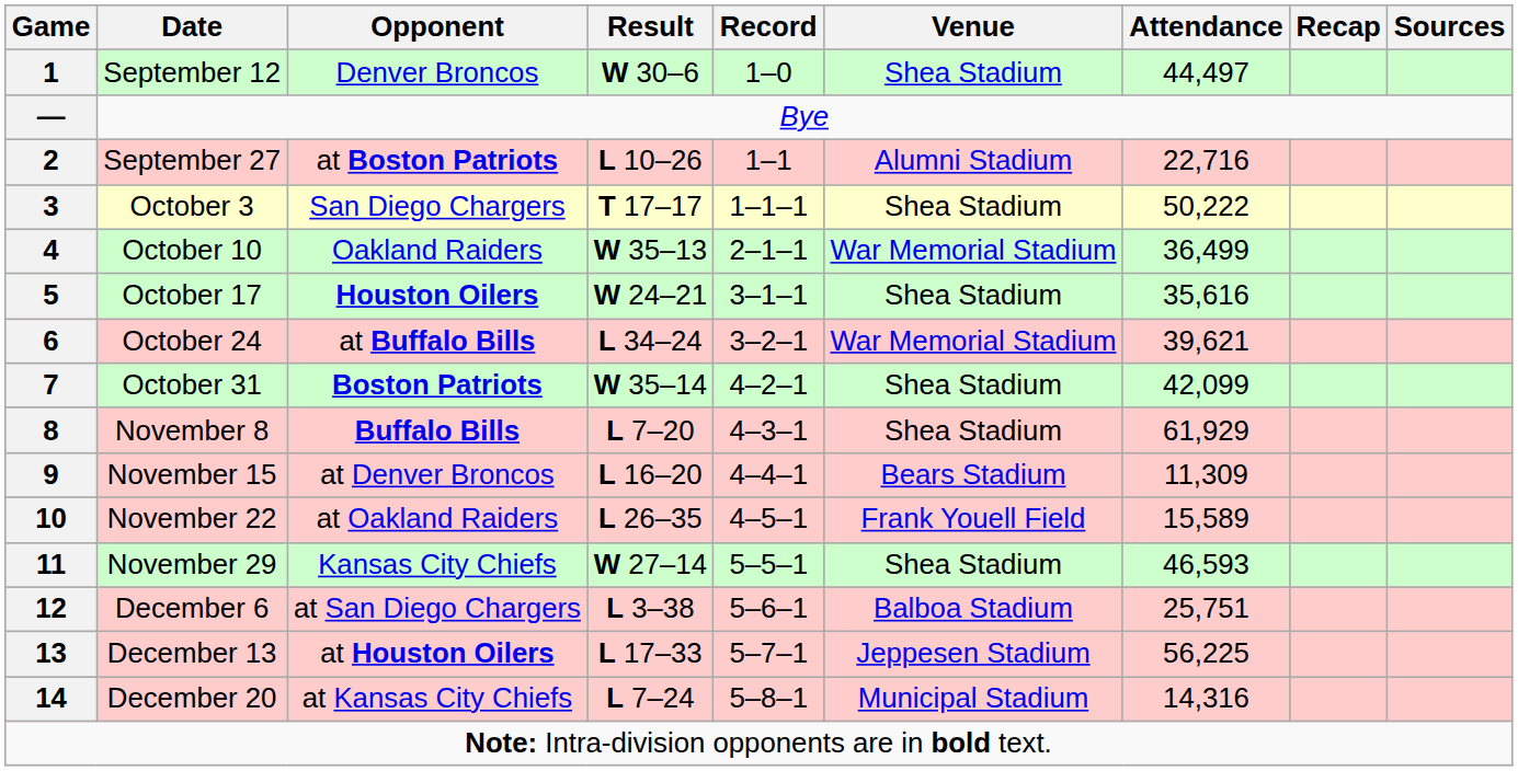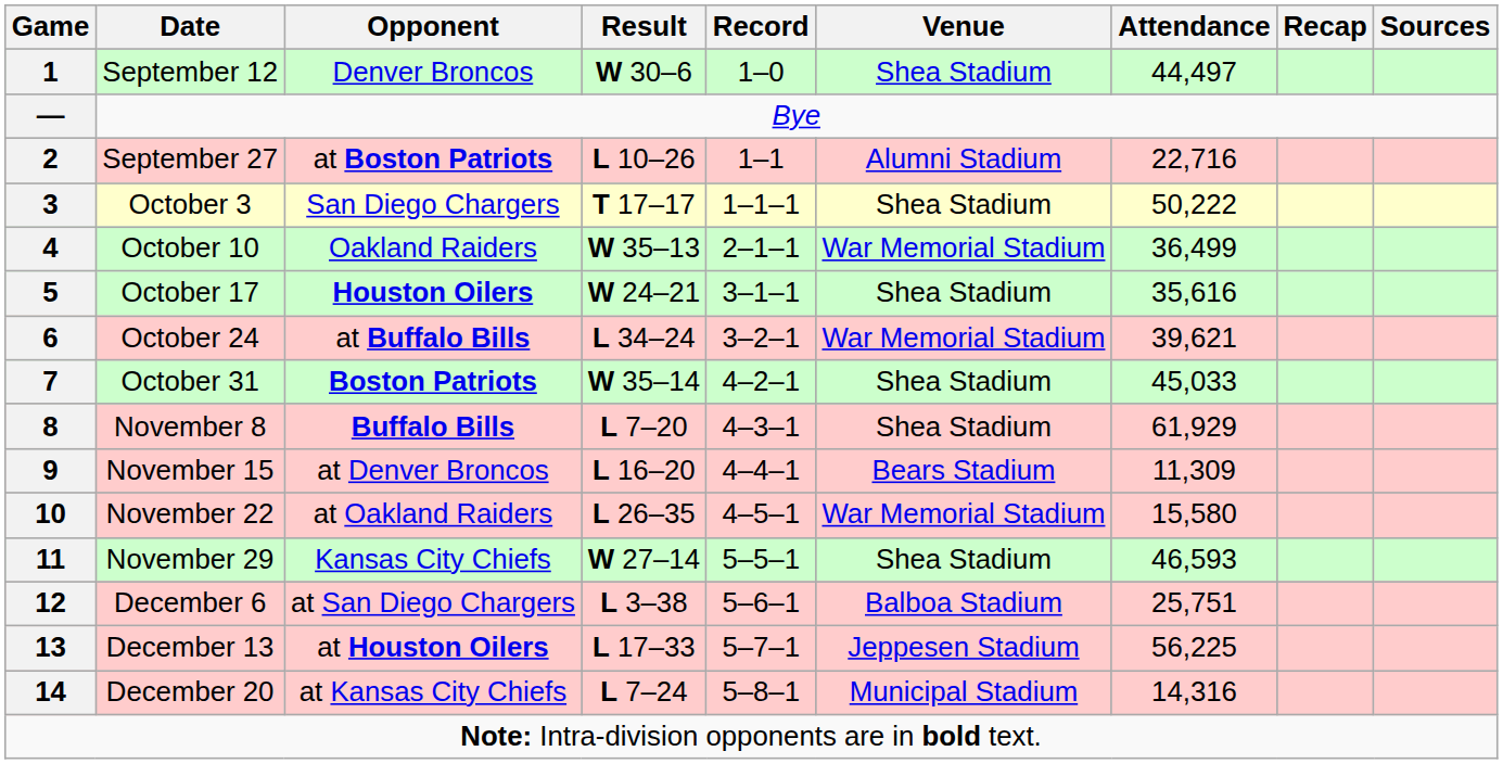 <table class="wikitable" style="text-align:center">
 <tr>
 <th>Game</th>
 <th>Date</th>
 <th>Opponent</th>
 <th>Result</th>
 <th>Record</th>
 <th>Venue</th>
 <th>Attendance</th>
 <th>Recap</th>
 <th>Sources</th>
 </tr>
 <tr style="background:#cfc">
 <th>1</th>
 <td>September 12</td>
 <td><a href='#'>Denver Broncos</a></td>
 <td><strong>W</strong> 30–6</td>
 <td>1–0</td>
 <td><a href='#'>Shea Stadium</a></td>
 <td>44,497</td>
 <td></td>
 <td></td>
 </tr>
 <tr>
 <th>—</th>
 <td align=center colspan=8><em><a href='#'>Bye</a></em></td>
 </tr>
 <tr style="background:#fcc">
 <th>2</th>
 <td>September 27</td>
 <td>at <strong><a href='#'>Boston Patriots</a></strong></td>
 <td><strong>L</strong> 10–26</td>
 <td>1–1</td>
 <td><a href='#'>Alumni Stadium</a></td>
 <td>22,716</td>
 <td></td>
 <td></td>
 </tr>
 <tr style="background:#ffc">
 <th>3</th>
 <td>October 3</td>
 <td><a href='#'>San Diego Chargers</a></td>
 <td><strong>T</strong> 17–17</td>
 <td>1–1–1</td>
 <td>Shea Stadium</td>
 <td>50,222</td>
 <td></td>
 <td></td>
 </tr>
 <tr style="background:#cfc">
 <th>4</th>
 <td>October 10</td>
 <td><a href='#'>Oakland Raiders</a></td>
 <td><strong>W</strong> 35–13</td>
 <td>2–1–1</td>
 <td><a href='#'>War Memorial Stadium</a></td>
 <td>36,499</td>
 <td></td>
 <td></td>
 </tr>
 <tr style="background:#cfc">
 <th>5</th>
 <td>October 17</td>
 <td><strong><a href='#'>Houston Oilers</a></strong></td>
 <td><strong>W</strong> 24–21</td>
 <td>3–1–1</td>
 <td>Shea Stadium</td>
 <td>35,616</td>
 <td></td>
 <td></td>
 </tr>
 <tr style="background:#fcc">
 <th>6</th>
 <td>October 24</td>
 <td>at <strong><a href='#'>Buffalo Bills</a></strong></td>
 <td><strong>L</strong> 34–24</td>
 <td>3–2–1</td>
 <td><a href='#'>War Memorial Stadium</a></td>
 <td>39,621</td>
 <td></td>
 <td></td>
 </tr>
 <tr style="background:#cfc">
 <th>7</th>
 <td>October 31</td>
 <td><strong><a href='#'>Boston Patriots</a></strong></td>
 <td><strong>W</strong> 35–14</td>
 <td>4–2–1</td>
 <td>Shea Stadium</td>
-<td>42,099</td>
+<td>45,033</td>
 <td></td>
 <td></td>
 </tr>
 <tr style="background:#fcc">
 <th>8</th>
 <td>November 8</td>
 <td><strong><a href='#'>Buffalo Bills</a></strong></td>
 <td><strong>L</strong> 7–20</td>
 <td>4–3–1</td>
 <td>Shea Stadium</td>
 <td>61,929</td>
 <td></td>
 <td></td>
 </tr>
 <tr style="background:#fcc">
 <th>9</th>
 <td>November 15</td>
 <td>at <a href='#'>Denver Broncos</a></td>
 <td><strong>L</strong> 16–20</td>
 <td>4–4–1</td>
 <td><a href='#'>Bears Stadium</a></td>
 <td>11,309</td>
 <td></td>
 <td></td>
 </tr>
 <tr style="background:#fcc">
 <th>10</th>
 <td>November 22</td>
 <td>at <a href='#'>Oakland Raiders</a></td>
 <td><strong>L</strong> 26–35</td>
 <td>4–5–1</td>
-<td><a href='#'>Frank Youell Field</a></td>
-<td>15,589</td>
+<td><a href='#'>War Memorial Stadium</a></td>
+<td>15,580</td>
 <td></td>
 <td></td>
 </tr>
 <tr style="background:#cfc">
 <th>11</th>
 <td>November 29</td>
 <td><a href='#'>Kansas City Chiefs</a></td>
 <td><strong>W</strong> 27–14</td>
 <td>5–5–1</td>
 <td>Shea Stadium</td>
 <td>46,593</td>
 <td></td>
 <td></td>
 </tr>
 <tr style="background:#fcc">
 <th>12</th>
 <td>December 6</td>
 <td>at <a href='#'>San Diego Chargers</a></td>
 <td><strong>L</strong> 3–38</td>
 <td>5–6–1</td>
 <td><a href='#'>Balboa Stadium</a></td>
 <td>25,751</td>
 <td></td>
 <td></td>
 </tr>
 <tr style="background:#fcc">
 <th>13</th>
 <td>December 13</td>
 <td>at <strong><a href='#'>Houston Oilers</a></strong></td>
 <td><strong>L</strong> 17–33</td>
 <td>5–7–1</td>
 <td><a href='#'>Jeppesen Stadium</a></td>
 <td>56,225</td>
 <td></td>
 <td></td>
 </tr>
 <tr style="background:#fcc">
 <th>14</th>
 <td>December 20</td>
 <td>at <a href='#'>Kansas City Chiefs</a></td>
 <td><strong>L</strong> 7–24</td>
 <td>5–8–1</td>
 <td><a href='#'>Municipal Stadium</a></td>
 <td>14,316</td>
 <td></td>
 <td></td>
 </tr>
 <tr>
 <td colspan="10"><strong>Note:</strong> Intra-division opponents are in <strong>bold</strong> text.</td>
 </tr>
 </table>
